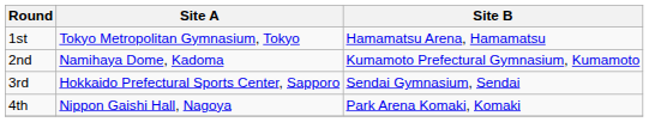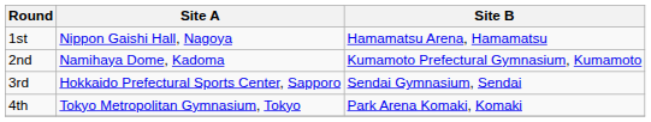 <table class="wikitable">
 <tr>
 <th>Round</th>
 <th>Site A</th>
 <th>Site B</th>
 </tr>
 <tr>
 <td>1st</td>
-<td><a href='#'>Tokyo Metropolitan Gymnasium</a>, <a href='#'>Tokyo</a></td>
+<td><a href='#'>Nippon Gaishi Hall</a>, <a href='#'>Nagoya</a></td>
 <td><a href='#'>Hamamatsu Arena</a>, <a href='#'>Hamamatsu</a></td>
 </tr>
 <tr>
 <td>2nd</td>
 <td><a href='#'>Namihaya Dome</a>, <a href='#'>Kadoma</a></td>
 <td><a href='#'>Kumamoto Prefectural Gymnasium</a>, <a href='#'>Kumamoto</a></td>
 </tr>
 <tr>
 <td>3rd</td>
 <td><a href='#'>Hokkaido Prefectural Sports Center</a>, <a href='#'>Sapporo</a></td>
 <td><a href='#'>Sendai Gymnasium</a>, <a href='#'>Sendai</a></td>
 </tr>
 <tr>
 <td>4th</td>
-<td><a href='#'>Nippon Gaishi Hall</a>, <a href='#'>Nagoya</a></td>
+<td><a href='#'>Tokyo Metropolitan Gymnasium</a>, <a href='#'>Tokyo</a></td>
 <td><a href='#'>Park Arena Komaki</a>, <a href='#'>Komaki</a></td>
 </tr>
 <tr>
 </tr>
 </table>
